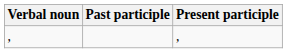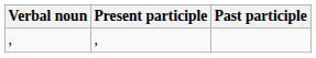 <table class="wikitable">
 <tr>
 <th>Verbal noun</th>
+<th>Present participle</th>
 <th>Past participle</th>
-<th>Present participle</th>
 </tr>
 <tr>
 <td>, </td>
+<td>, </td>
 <td></td>
-<td>, </td>
 </tr>
 </table>
